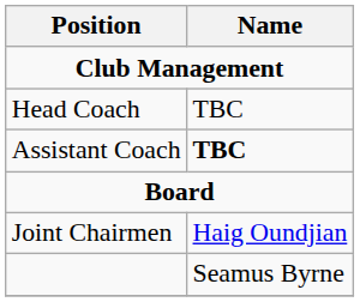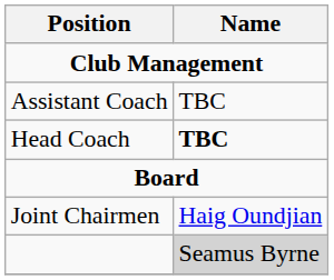 <table class="wikitable sortable" style="text-align:center;">
 <tr>
 <th>Position</th>
 <th>Name</th>
 </tr>
 <tr>
 <td colspan="2"><strong>Club Management</strong></td>
 </tr>
 <tr>
-<td align="left">Head Coach</td>
+<td align="left">Assistant Coach</td>
 <td align="left">TBC</td>
 </tr>
 <tr>
-<td align="left">Assistant Coach</td>
+<td align="left">Head Coach</td>
 <td align="left"><strong>TBC</strong></td>
 </tr>
 <tr>
 <td colspan="2"><strong>Board</strong></td>
 </tr>
 <tr>
 <td align="left">Joint Chairmen</td>
 <td align="left"> <a href='#'>Haig Oundjian</a></td>
 </tr>
 <tr>
 <td></td>
-<td align="left"> Seamus Byrne</td>
+<td align="left" style="background: lightgrey;"> Seamus Byrne</td>
 </tr>
 <tr>
 </tr>
 </table>
